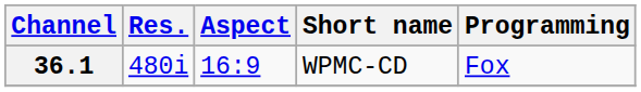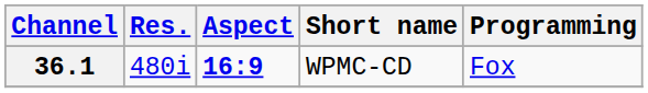 <table class="wikitable">
 <tr>
 <th><a href='#'>Channel</a></th>
 <th><a href='#'>Res.</a></th>
 <th><a href='#'>Aspect</a></th>
 <th>Short name</th>
 <th>Programming</th>
 </tr>
 <tr>
 <th scope = "row">36.1</th>
 <td><a href='#'>480i</a></td>
-<td><a href='#'>16:9</a></td>
+<td><strong><a href='#'>16:9</a></strong></td>
 <td>WPMC-CD</td>
 <td><a href='#'>Fox</a></td>
 </tr>
 <tr>
 </tr>
 </table>
